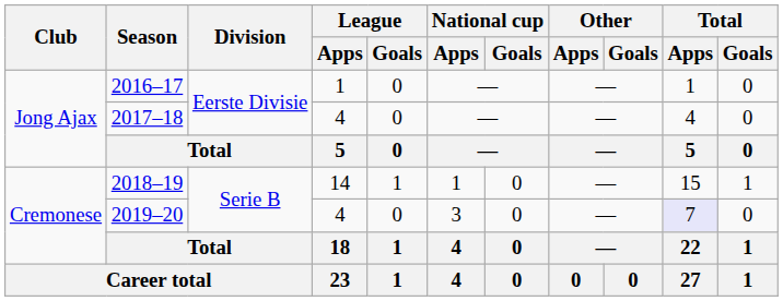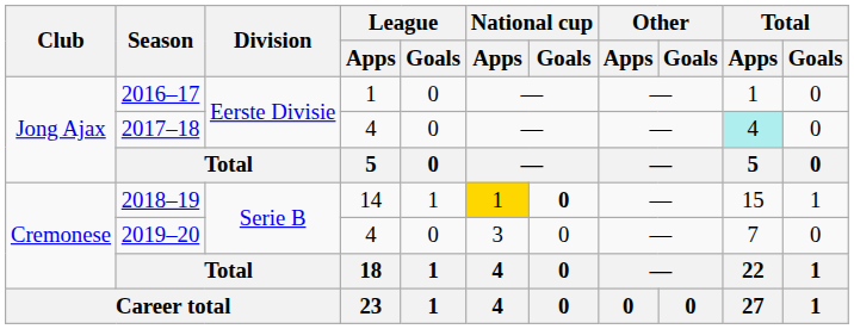 <table class="wikitable" style="text-align: center">
 <tr>
 <th rowspan="2">Club</th>
 <th rowspan="2">Season</th>
 <th rowspan="2">Division</th>
 <th colspan="2">League</th>
 <th colspan="2">National cup</th>
 <th colspan="2">Other</th>
 <th colspan="2">Total</th>
 </tr>
 <tr>
 <th>Apps</th>
 <th>Goals</th>
 <th>Apps</th>
 <th>Goals</th>
 <th>Apps</th>
 <th>Goals</th>
 <th>Apps</th>
 <th>Goals</th>
 </tr>
 <tr>
 <td rowspan="3"><a href='#'>Jong Ajax</a></td>
 <td><a href='#'>2016–17</a></td>
 <td rowspan="2"><a href='#'>Eerste Divisie</a></td>
 <td>1</td>
 <td>0</td>
 <td colspan="2">—</td>
 <td colspan="2">—</td>
 <td>1</td>
 <td>0</td>
 </tr>
 <tr>
 <td><a href='#'>2017–18</a></td>
 <td>4</td>
 <td>0</td>
 <td colspan="2">—</td>
 <td colspan="2">—</td>
-<td>4</td>
+<td style="background: paleturquoise;">4</td>
 <td>0</td>
 </tr>
 <tr>
 <th colspan="2">Total</th>
 <th>5</th>
 <th>0</th>
 <th colspan="2">—</th>
 <th colspan="2">—</th>
 <th>5</th>
 <th>0</th>
 </tr>
 <tr>
 <td rowspan="3"><a href='#'>Cremonese</a></td>
 <td><a href='#'>2018–19</a></td>
 <td rowspan="2"><a href='#'>Serie B</a></td>
 <td>14</td>
 <td>1</td>
-<td>1</td>
-<td>0</td>
+<td style="background: gold;">1</td>
+<td><strong>0</strong></td>
 <td colspan="2">—</td>
 <td>15</td>
 <td>1</td>
 </tr>
 <tr>
 <td><a href='#'>2019–20</a></td>
 <td>4</td>
 <td>0</td>
 <td>3</td>
 <td>0</td>
 <td colspan="2">—</td>
-<td style="background: lavender;">7</td>
+<td>7</td>
 <td>0</td>
 </tr>
 <tr>
 <th colspan="2">Total</th>
 <th>18</th>
 <th>1</th>
 <th>4</th>
 <th>0</th>
 <th colspan="2">—</th>
 <th>22</th>
 <th>1</th>
 </tr>
 <tr>
 <th colspan="3">Career total</th>
 <th>23</th>
 <th>1</th>
 <th>4</th>
 <th>0</th>
 <th>0</th>
 <th>0</th>
 <th>27</th>
 <th>1</th>
 </tr>
 </table>
